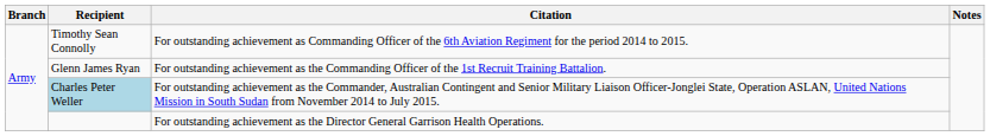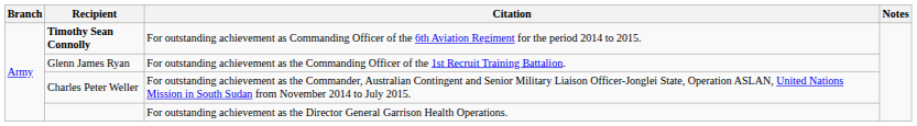 <table class="wikitable" style="font-size:95%;">
 <tr>
 <th>Branch</th>
 <th>Recipient</th>
 <th>Citation</th>
 <th>Notes</th>
 </tr>
 <tr>
 <td rowspan=4><a href='#'>Army</a></td>
-<td> Timothy Sean Connolly </td>
+<td><strong> Timothy Sean Connolly </strong></td>
 <td>For outstanding achievement as Commanding Officer of the <a href='#'>6th Aviation Regiment</a> for the period 2014 to 2015.</td>
 <td rowspan=4></td>
 </tr>
 <tr>
 <td> Glenn James Ryan </td>
 <td>For outstanding achievement as the Commanding Officer of the <a href='#'>1st Recruit Training Battalion</a>.</td>
 </tr>
 <tr>
-<td style="background: lightblue;"> Charles Peter Weller </td>
+<td> Charles Peter Weller </td>
 <td>For outstanding achievement as the Commander, Australian Contingent and Senior Military Liaison Officer-Jonglei State, Operation ASLAN, <a href='#'>United Nations Mission in South Sudan</a> from November 2014 to July 2015.</td>
 </tr>
 <tr>
 <td></td>
 <td>For outstanding achievement as the Director General Garrison Health Operations.</td>
 </tr>
 </table>
